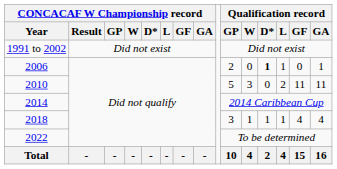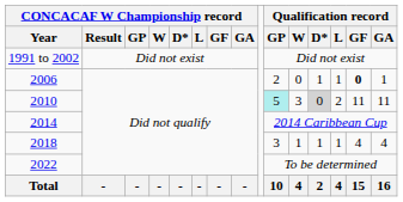 <table class="wikitable" style="text-align: center">
 <tr>
 <th colspan=8><a href='#'>CONCACAF W Championship</a> record</th>
 <td rowspan=9></td>
 <th colspan=6>Qualification record</th>
 </tr>
 <tr>
 <th>Year</th>
 <th>Result</th>
 <th>GP</th>
 <th>W</th>
 <th>D*</th>
 <th>L</th>
 <th>GF</th>
 <th>GA</th>
 <th>GP</th>
 <th>W</th>
 <th>D*</th>
 <th>L</th>
 <th>GF</th>
 <th>GA</th>
 </tr>
 <tr>
 <td> <a href='#'>1991</a> to  <a href='#'>2002</a></td>
 <td colspan=7><em>Did not exist</em></td>
 <td colspan=6><em>Did not exist</em></td>
 </tr>
 <tr>
 <td> <a href='#'>2006</a></td>
 <td colspan=7 rowspan=5><em>Did not qualify</em></td>
 <td>2</td>
 <td>0</td>
-<td><strong>1</strong></td>
 <td>1</td>
-<td>0</td>
+<td>1</td>
+<td><strong>0</strong></td>
 <td>1</td>
 </tr>
 <tr>
 <td> <a href='#'>2010</a></td>
-<td>5</td>
+<td style="background: paleturquoise;">5</td>
 <td>3</td>
-<td>0</td>
+<td style="background: lightgrey;">0</td>
 <td>2</td>
 <td>11</td>
 <td>11</td>
 </tr>
 <tr>
 <td> <a href='#'>2014</a></td>
 <td colspan=6><em><a href='#'>2014 Caribbean Cup</a></em></td>
 </tr>
 <tr>
 <td> <a href='#'>2018</a></td>
 <td>3</td>
 <td>1</td>
 <td>1</td>
 <td>1</td>
 <td>4</td>
 <td>4</td>
 </tr>
 <tr>
 <td> <a href='#'>2022</a></td>
 <td colspan=6><em>To be determined</em></td>
 </tr>
 <tr>
 <th>Total</th>
 <th>-</th>
 <th>-</th>
 <th>-</th>
 <th>-</th>
 <th>-</th>
 <th>-</th>
 <th>-</th>
 <th>10</th>
 <th>4</th>
 <th>2</th>
 <th>4</th>
 <th>15</th>
 <th>16</th>
 </tr>
 </table>
